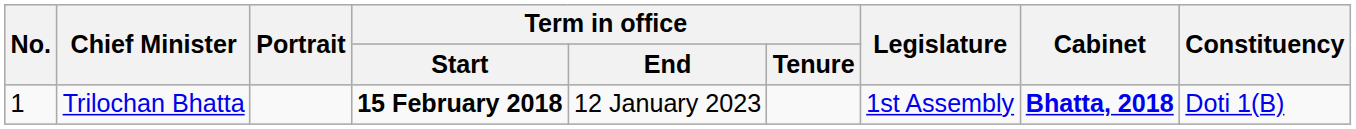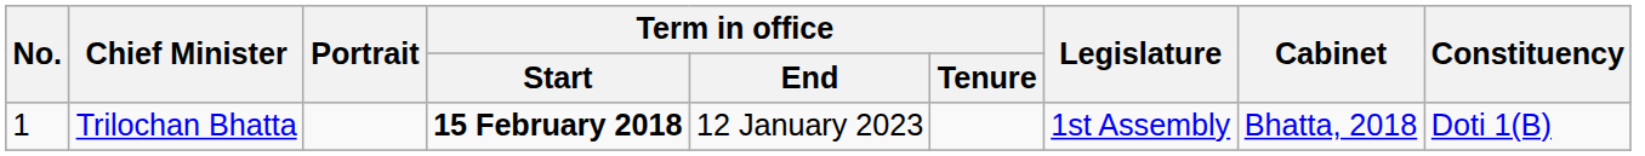 <table class="wikitable">
 <tr>
 <th rowspan="2" style="background-color:">No.</th>
 <th rowspan="2" style="background-color:">Chief Minister</th>
 <th rowspan="2" style="background-color:">Portrait</th>
 <th colspan="3" style="background-color:">Term in office</th>
 <th rowspan="2" style="background-color:">Legislature</th>
 <th rowspan="2" style="background-color:">Cabinet</th>
 <th rowspan="2" style="background-color:">Constituency</th>
 </tr>
 <tr>
 <th style="background-color:">Start</th>
 <th style="background-color:">End</th>
 <th style="background-color:">Tenure</th>
 </tr>
 <tr>
 <td>1</td>
 <td><a href='#'>Trilochan Bhatta</a></td>
 <td></td>
 <td><strong>15 February 2018</strong></td>
 <td>12 January 2023</td>
 <td></td>
 <td><a href='#'>1st Assembly</a></td>
-<td><strong><a href='#'>Bhatta, 2018</a></strong></td>
+<td><a href='#'>Bhatta, 2018</a></td>
 <td><a href='#'>Doti 1(B)</a></td>
 </tr>
 </table>
